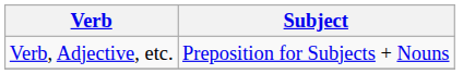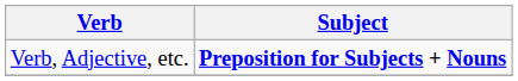 <table class="wikitable">
 <tr>
 <th><a href='#'>Verb</a></th>
 <th><a href='#'>Subject</a></th>
 </tr>
 <tr>
 <td><a href='#'>Verb</a>, <a href='#'>Adjective</a>, etc.</td>
-<td><a href='#'>Preposition for Subjects</a> + <a href='#'>Nouns</a></td>
+<td><strong><a href='#'>Preposition for Subjects</a> + <a href='#'>Nouns</a></strong></td>
 </tr>
 <tr>
 </tr>
 </table>
